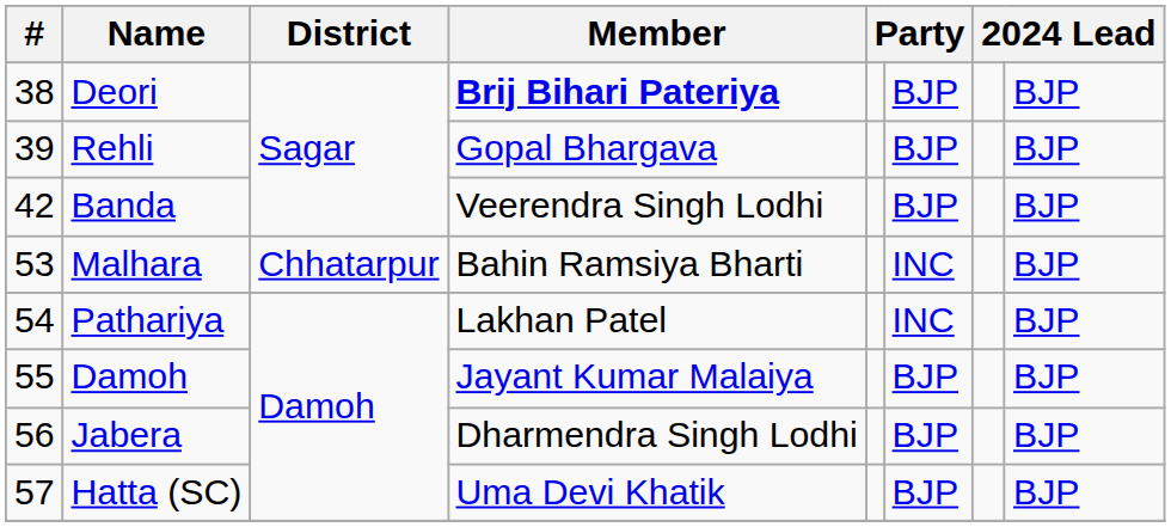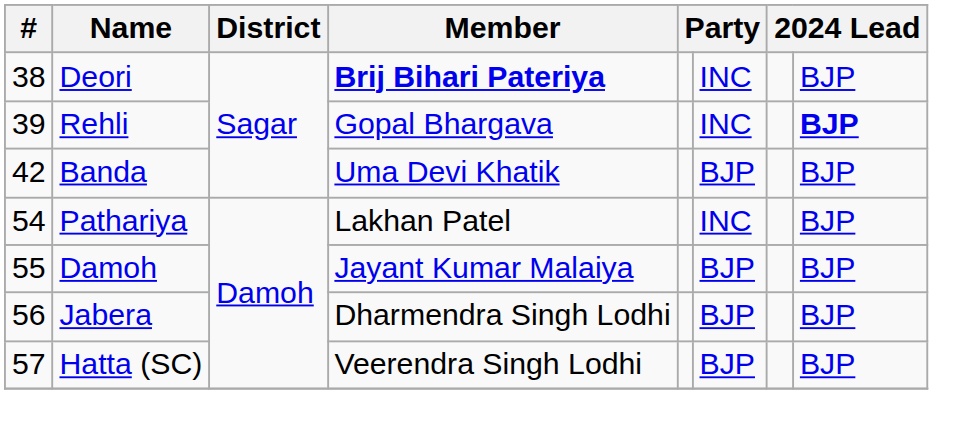 <table class="wikitable">
 <tr>
 <th>#</th>
 <th>Name</th>
 <th>District</th>
 <th>Member</th>
 <th colspan="2">Party</th>
 <th colspan="2">2024 Lead</th>
 </tr>
 <tr>
 <td>38</td>
 <td><a href='#'>Deori</a></td>
 <td rowspan="3"><a href='#'>Sagar</a></td>
 <td><strong><a href='#'>Brij Bihari Pateriya</a></strong></td>
 <td style="background-color: "></td>
-<td><a href='#'>BJP</a></td>
+<td><a href='#'>INC</a></td>
 <td style="background-color: "></td>
 <td><a href='#'>BJP</a></td>
 </tr>
 <tr>
 <td>39</td>
 <td><a href='#'>Rehli</a></td>
 <td><a href='#'>Gopal Bhargava</a></td>
 <td style="background-color: "></td>
-<td><a href='#'>BJP</a></td>
+<td><a href='#'>INC</a></td>
 <td style="background-color: "></td>
-<td><a href='#'>BJP</a></td>
+<td><strong><a href='#'>BJP</a></strong></td>
 </tr>
 <tr>
 <td>42</td>
 <td><a href='#'>Banda</a></td>
-<td>Veerendra Singh Lodhi</td>
+<td><a href='#'>Uma Devi Khatik</a></td>
 <td style="background-color: "></td>
 <td><a href='#'>BJP</a></td>
-<td style="background-color: "></td>
-<td><a href='#'>BJP</a></td>
-</tr>
-<tr>
-<td>53</td>
-<td><a href='#'>Malhara</a></td>
-<td><a href='#'>Chhatarpur</a></td>
-<td>Bahin Ramsiya Bharti</td>
-<td style="background-color: "></td>
-<td><a href='#'>INC</a></td>
 <td style="background-color: "></td>
 <td><a href='#'>BJP</a></td>
 </tr>
 <tr>
 <td>54</td>
 <td><a href='#'>Pathariya</a></td>
 <td rowspan="4"><a href='#'>Damoh</a></td>
 <td>Lakhan Patel</td>
 <td style="background-color: "></td>
 <td><a href='#'>INC</a></td>
 <td style="background-color: "></td>
 <td><a href='#'>BJP</a></td>
 </tr>
 <tr>
 <td>55</td>
 <td><a href='#'>Damoh</a></td>
 <td><a href='#'>Jayant Kumar Malaiya</a></td>
 <td style="background-color: "></td>
 <td><a href='#'>BJP</a></td>
 <td style="background-color: "></td>
 <td><a href='#'>BJP</a></td>
 </tr>
 <tr>
 <td>56</td>
 <td><a href='#'>Jabera</a></td>
 <td>Dharmendra Singh Lodhi</td>
 <td style="background-color: "></td>
 <td><a href='#'>BJP</a></td>
 <td style="background-color: "></td>
 <td><a href='#'>BJP</a></td>
 </tr>
 <tr>
 <td>57</td>
 <td><a href='#'>Hatta</a> (SC)</td>
-<td><a href='#'>Uma Devi Khatik</a></td>
+<td>Veerendra Singh Lodhi</td>
 <td style="background-color: "></td>
 <td><a href='#'>BJP</a></td>
 <td style="background-color: "></td>
 <td><a href='#'>BJP</a></td>
 </tr>
 <tr>
 </tr>
 </table>
